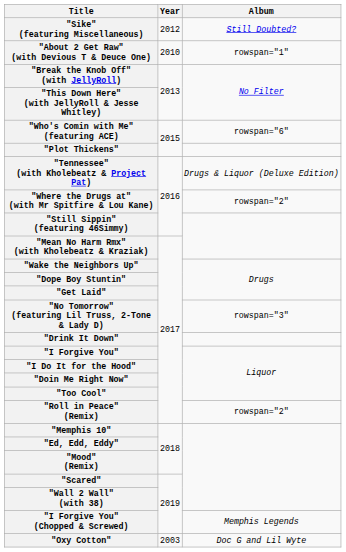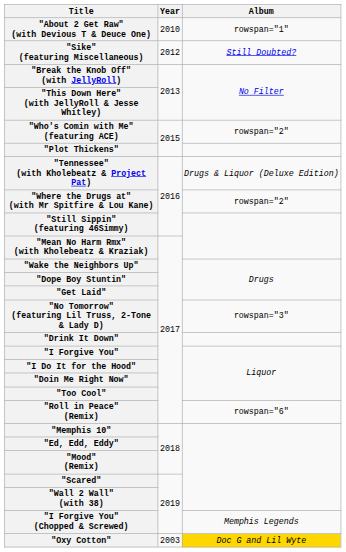 <table class="wikitable plainrowheaders" style="text-align:center;">
 <tr>
 <th scope="col" style="width:18em;">Title</th>
 <th scope="col">Year</th>
 <th scope="col">Album</th>
 </tr>
 <tr>
+<th scope="row">"About 2 Get Raw"<br><span>(with Devious T & Deuce One)</span></th>
+<td>2010</td>
+<td>rowspan="1" </td>
+</tr>
+<tr>
 <th scope="row">"Sike"<br><span>(featuring Miscellaneous)</span></th>
 <td>2012</td>
 <td><em><a href='#'>Still Doubted?</a></em></td>
-</tr>
-<tr>
-<th scope="row">"About 2 Get Raw"<br><span>(with Devious T & Deuce One)</span></th>
-<td>2010</td>
-<td>rowspan="1" </td>
 </tr>
 <tr>
 <th scope="row">"Break the Knob Off"<br><span>(with <a href='#'>JellyRoll</a>)</span></th>
 <td rowspan="2">2013</td>
 <td rowspan="2"><em><a href='#'>No Filter</a></em></td>
 </tr>
 <tr>
 <th scope="row">"This Down Here"<br><span>(with JellyRoll & Jesse Whitley)</span></th>
 </tr>
 <tr>
 <th scope="row">"Who's Comin with Me"<br><span>(featuring ACE)</span></th>
 <td rowspan="2">2015</td>
-<td>rowspan="6" </td>
+<td>rowspan="2" </td>
 </tr>
 <tr>
 <th scope="row">"Plot Thickens"<br><span></span></th>
 </tr>
 <tr>
 <th scope="row">"Tennessee"<br><span>(with Kholebeatz & <a href='#'>Project Pat</a>)</span></th>
 <td rowspan="3">2016</td>
 <td><em>Drugs & Liquor (Deluxe Edition)</em></td>
 </tr>
 <tr>
 <th scope="row">"Where the Drugs at"<br><span>(with Mr Spitfire & Lou Kane)</span></th>
 <td>rowspan="2" </td>
 </tr>
 <tr>
 <th scope="row">"Still Sippin"<br><span>(featuring 46Simmy)</span></th>
 </tr>
 <tr>
 <th scope="row">"Mean No Harm Rmx"<br><span>(with Kholebeatz & Kraziak)</span></th>
 <td rowspan="11">2017</td>
 </tr>
 <tr>
 <th scope="row">"Wake the Neighbors Up"<br><span></span></th>
 <td rowspan="3"><em>Drugs</em></td>
 </tr>
 <tr>
 <th scope="row">"Dope Boy Stuntin"<br><span></span></th>
 </tr>
 <tr>
 <th scope="row">"Get Laid"<br><span></span></th>
 </tr>
 <tr>
 <th scope="row">"No Tomorrow"<br><span>(featuring Lil Truss, 2-Tone & Lady D)</span></th>
 <td>rowspan="3" </td>
 </tr>
 <tr>
 <th scope="row">"Drink It Down"<br><span></span></th>
 </tr>
 <tr>
 <th scope="row">"I Forgive You"<br><span></span></th>
 <td rowspan="4"><em>Liquor</em></td>
 </tr>
 <tr>
 <th scope="row">"I Do It for the Hood"<br><span></span></th>
 </tr>
 <tr>
 <th scope="row">"Doin Me Right Now"<br><span></span></th>
 </tr>
 <tr>
 <th scope="row">"Too Cool"<br><span></span></th>
 </tr>
 <tr>
 <th scope="row">"Roll in Peace"<br><span>(Remix)</span></th>
-<td>rowspan="2" </td>
+<td>rowspan="6" </td>
 </tr>
 <tr>
 <th scope="row">"Memphis 10"<br><span></span></th>
 <td rowspan="3">2018</td>
 </tr>
 <tr>
 <th scope="row">"Ed, Edd, Eddy"<br><span></span></th>
 </tr>
 <tr>
 <th scope="row">"Mood"<br><span>(Remix)</span></th>
 </tr>
 <tr>
 <th scope="row">"Scared"<br><span></span></th>
 <td rowspan="3">2019</td>
 </tr>
 <tr>
 <th scope="row">"Wall 2 Wall"<br><span>(with 38)</span></th>
 </tr>
 <tr>
 <th scope="row">"I Forgive You"<br><span>(Chopped & Screwed)</span></th>
 <td><em>Memphis Legends</em></td>
 </tr>
 <tr>
 <th scope="row">"Oxy Cotton"<br><span></span></th>
 <td rowspan="3">2003</td>
-<td><em>Doc G and Lil Wyte</em></td>
+<td style="background: gold;"><em>Doc G and Lil Wyte</em></td>
 </tr>
 </table>
